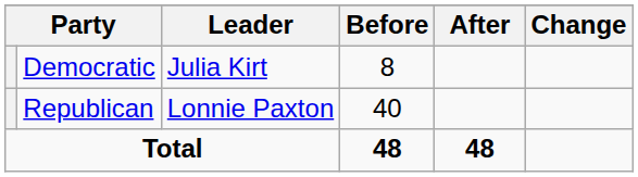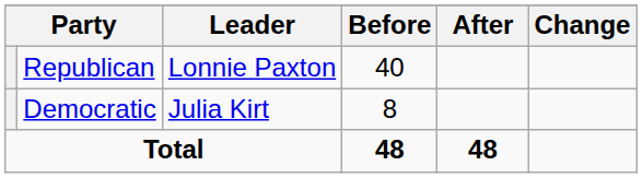 <table class="wikitable" style="text-align:center;">
 <tr>
 </tr>
 <tr>
 <th colspan="2">Party</th>
 <th>Leader</th>
 <th style="width:3em">Before</th>
 <th style="width:3em">After</th>
 <th style="width:3em">Change</th>
 </tr>
 <tr>
 <th style="background-color:"></th>
-<td style="text-align:left;"><a href='#'>Democratic</a></td>
-<td style="text-align:left;"><a href='#'>Julia Kirt</a></td>
-<td>8</td>
+<td style="text-align:left;"><a href='#'>Republican</a></td>
+<td style="text-align:left;"><a href='#'>Lonnie Paxton</a></td>
+<td>40</td>
 <td></td>
 <td></td>
 </tr>
 <tr>
 <th style="background-color:"></th>
-<td style="text-align:left;"><a href='#'>Republican</a></td>
-<td style="text-align:left;"><a href='#'>Lonnie Paxton</a></td>
-<td>40</td>
+<td style="text-align:left;"><a href='#'>Democratic</a></td>
+<td style="text-align:left;"><a href='#'>Julia Kirt</a></td>
+<td>8</td>
 <td></td>
 <td></td>
 </tr>
 <tr>
 <td colspan="3"><strong>Total</strong></td>
 <td><strong>48</strong></td>
 <td><strong>48</strong></td>
 <td></td>
 </tr>
 </table>
